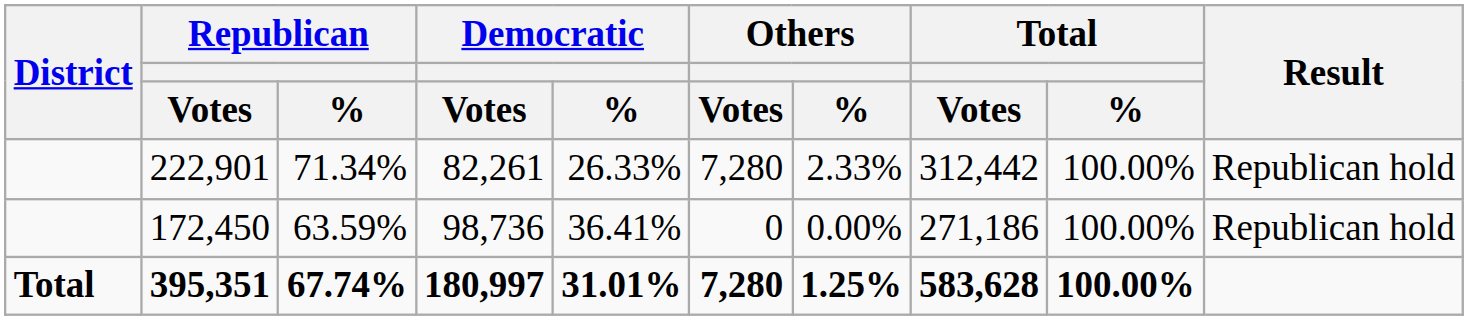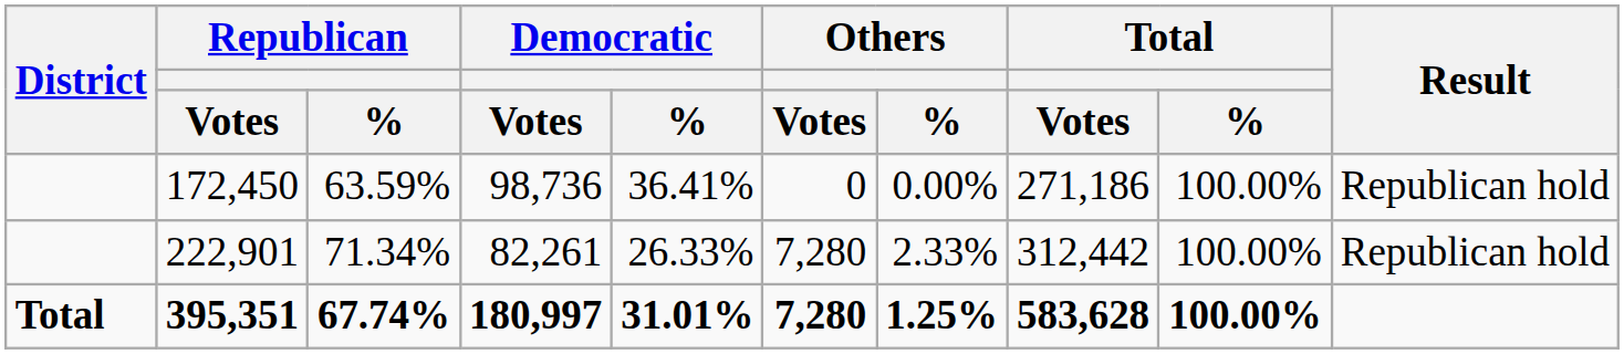 <table class="wikitable plainrowheaders sortable" style="font-size:100%; text-align:right;">
 <tr>
 <th scope=col rowspan=3><a href='#'>District</a></th>
 <th scope=col colspan=2><a href='#'>Republican</a></th>
 <th scope=col colspan=2><a href='#'>Democratic</a></th>
 <th scope=col colspan=2>Others</th>
 <th scope=col colspan=2>Total</th>
 <th scope=col rowspan=3>Result</th>
 </tr>
 <tr>
 <th scope=col colspan=2 style="background:"></th>
 <th scope=col colspan=2 style="background:"></th>
 <th scope=col colspan=2></th>
 <th scope=col colspan=2></th>
 </tr>
 <tr>
 <th scope=col data-sort-type="number">Votes</th>
 <th scope=col data-sort-type="number">%</th>
 <th scope=col data-sort-type="number">Votes</th>
 <th scope=col data-sort-type="number">%</th>
 <th scope=col data-sort-type="number">Votes</th>
 <th scope=col data-sort-type="number">%</th>
 <th scope=col data-sort-type="number">Votes</th>
 <th scope=col data-sort-type="number">%</th>
 </tr>
 <tr>
 <td align=left></td>
+<td>172,450</td>
+<td>63.59%</td>
+<td>98,736</td>
+<td>36.41%</td>
+<td>0</td>
+<td>0.00%</td>
+<td>271,186</td>
+<td>100.00%</td>
+<td>Republican hold</td>
+</tr>
+<tr>
+<td align=left></td>
 <td>222,901</td>
 <td>71.34%</td>
 <td>82,261</td>
 <td>26.33%</td>
 <td>7,280</td>
 <td>2.33%</td>
 <td>312,442</td>
-<td>100.00%</td>
-<td>Republican hold</td>
-</tr>
-<tr>
-<td align=left></td>
-<td>172,450</td>
-<td>63.59%</td>
-<td>98,736</td>
-<td>36.41%</td>
-<td>0</td>
-<td>0.00%</td>
-<td>271,186</td>
 <td>100.00%</td>
 <td>Republican hold</td>
 </tr>
 <tr class="sortbottom" style="font-weight:bold">
 <td align=left>Total</td>
 <td>395,351</td>
 <td>67.74%</td>
 <td>180,997</td>
 <td>31.01%</td>
 <td>7,280</td>
 <td>1.25%</td>
 <td>583,628</td>
 <td>100.00%</td>
 <td></td>
 </tr>
 </table>
